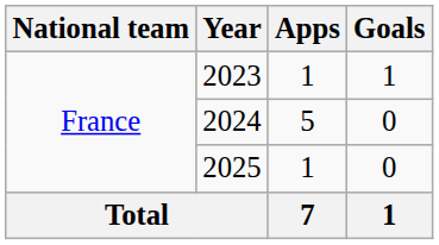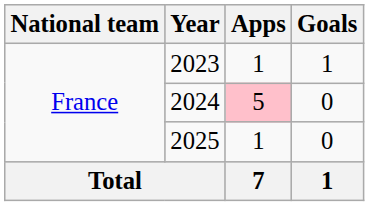 <table class="wikitable" style="text-align: center;">
 <tr>
 <th>National team</th>
 <th>Year</th>
 <th>Apps</th>
 <th>Goals</th>
 </tr>
 <tr>
 <td rowspan="3"><a href='#'>France</a></td>
 <td>2023</td>
 <td>1</td>
 <td>1</td>
 </tr>
 <tr>
 <td>2024</td>
-<td>5</td>
+<td style="background: pink;">5</td>
 <td>0</td>
 </tr>
 <tr>
 <td>2025</td>
 <td>1</td>
 <td>0</td>
 </tr>
 <tr>
 <th colspan="2">Total</th>
 <th>7</th>
 <th>1</th>
 </tr>
 </table>
